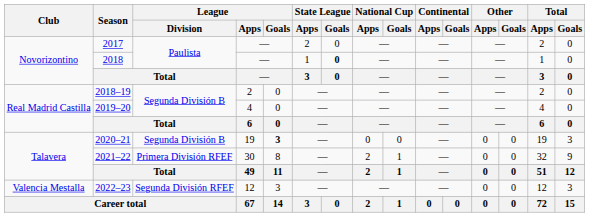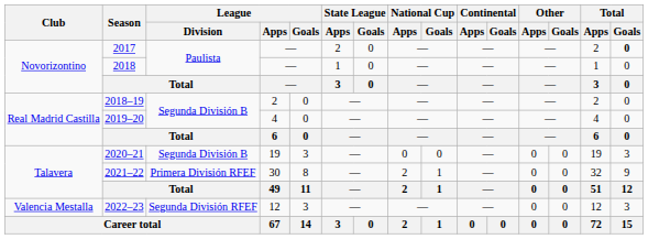 <table class="wikitable" style="text-align: center;">
 <tr>
 <th rowspan="2">Club</th>
 <th rowspan="2">Season</th>
 <th colspan="3">League</th>
 <th colspan="2">State League</th>
 <th colspan="2">National Cup</th>
 <th colspan="2">Continental</th>
 <th colspan="2">Other</th>
 <th colspan="2">Total</th>
 </tr>
 <tr>
 <th>Division</th>
 <th>Apps</th>
 <th>Goals</th>
 <th>Apps</th>
 <th>Goals</th>
 <th>Apps</th>
 <th>Goals</th>
 <th>Apps</th>
 <th>Goals</th>
 <th>Apps</th>
 <th>Goals</th>
 <th>Apps</th>
 <th>Goals</th>
 </tr>
 <tr>
 <td rowspan="3" valign="center"><a href='#'>Novorizontino</a></td>
 <td><a href='#'>2017</a></td>
 <td rowspan="2"><a href='#'>Paulista</a></td>
 <td colspan="2">—</td>
 <td>2</td>
 <td>0</td>
 <td colspan="2">—</td>
 <td colspan="2">—</td>
 <td colspan="2">—</td>
 <td>2</td>
-<td>0</td>
+<td><strong>0</strong></td>
 </tr>
 <tr>
 <td><a href='#'>2018</a></td>
 <td colspan="2">—</td>
 <td>1</td>
-<td><strong>0</strong></td>
+<td>0</td>
 <td colspan="2">—</td>
 <td colspan="2">—</td>
 <td colspan="2">—</td>
 <td>1</td>
 <td>0</td>
 </tr>
 <tr>
 <th colspan="2">Total</th>
 <th colspan="2">—</th>
 <th>3</th>
 <th>0</th>
 <th colspan="2">—</th>
 <th colspan="2">—</th>
 <th colspan="2">—</th>
 <th>3</th>
 <th>0</th>
 </tr>
 <tr>
 <td rowspan="3" valign="center"><a href='#'>Real Madrid Castilla</a></td>
 <td><a href='#'>2018–19</a></td>
 <td rowspan="2"><a href='#'>Segunda División B</a></td>
 <td>2</td>
 <td>0</td>
 <td colspan="2">—</td>
 <td colspan="2">—</td>
 <td colspan="2">—</td>
 <td colspan="2">—</td>
 <td>2</td>
 <td>0</td>
 </tr>
 <tr>
 <td><a href='#'>2019–20</a></td>
 <td>4</td>
 <td>0</td>
 <td colspan="2">—</td>
 <td colspan="2">—</td>
 <td colspan="2">—</td>
 <td colspan="2">—</td>
 <td>4</td>
 <td>0</td>
 </tr>
 <tr>
 <th colspan="2">Total</th>
 <th>6</th>
 <th>0</th>
 <th colspan="2">—</th>
 <th colspan="2">—</th>
 <th colspan="2">—</th>
 <th colspan="2">—</th>
 <th>6</th>
 <th>0</th>
 </tr>
 <tr>
 <td rowspan="3"><a href='#'>Talavera</a></td>
 <td><a href='#'>2020–21</a></td>
 <td><a href='#'>Segunda División B</a></td>
 <td>19</td>
-<td><strong>3</strong></td>
+<td>3</td>
 <td colspan="2">—</td>
 <td>0</td>
 <td>0</td>
 <td colspan="2">—</td>
 <td>0</td>
 <td>0</td>
 <td>19</td>
 <td>3</td>
 </tr>
 <tr>
 <td><a href='#'>2021–22</a></td>
 <td><a href='#'>Primera División RFEF</a></td>
 <td>30</td>
 <td>8</td>
 <td colspan="2">—</td>
 <td>2</td>
 <td>1</td>
 <td colspan="2">—</td>
 <td>0</td>
 <td>0</td>
 <td>32</td>
 <td>9</td>
 </tr>
 <tr>
 <th colspan="2">Total</th>
 <th>49</th>
 <th>11</th>
 <th colspan="2">—</th>
 <th>2</th>
 <th>1</th>
 <th colspan="2">—</th>
 <th>0</th>
 <th>0</th>
 <th>51</th>
 <th>12</th>
 </tr>
 <tr>
 <td><a href='#'>Valencia Mestalla</a></td>
 <td><a href='#'>2022–23</a></td>
 <td><a href='#'>Segunda División RFEF</a></td>
 <td>12</td>
 <td>3</td>
 <td colspan="2">—</td>
 <td colspan="2">—</td>
 <td colspan="2">—</td>
 <td>0</td>
 <td>0</td>
 <td>12</td>
 <td>3</td>
 </tr>
 <tr>
 <th colspan="3">Career total</th>
 <th>67</th>
 <th>14</th>
 <th>3</th>
 <th>0</th>
 <th>2</th>
 <th>1</th>
 <th>0</th>
 <th>0</th>
 <th>0</th>
 <th>0</th>
 <th>72</th>
 <th>15</th>
 </tr>
 </table>
